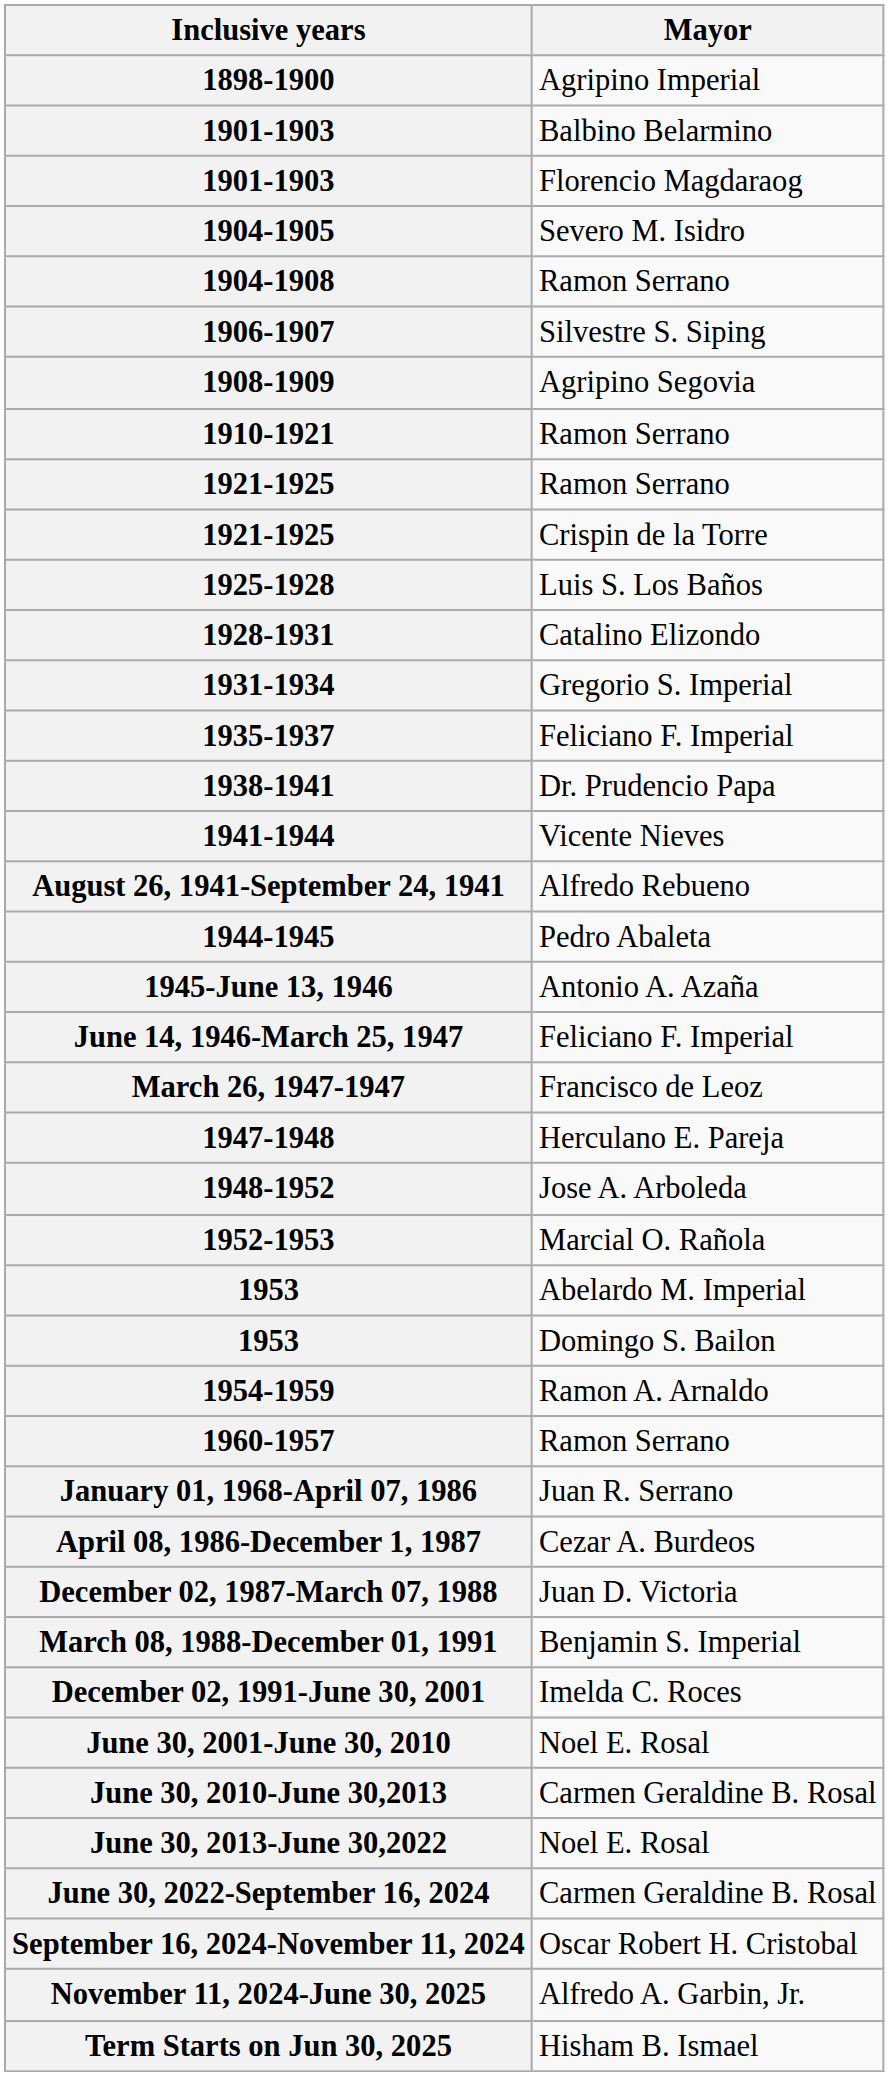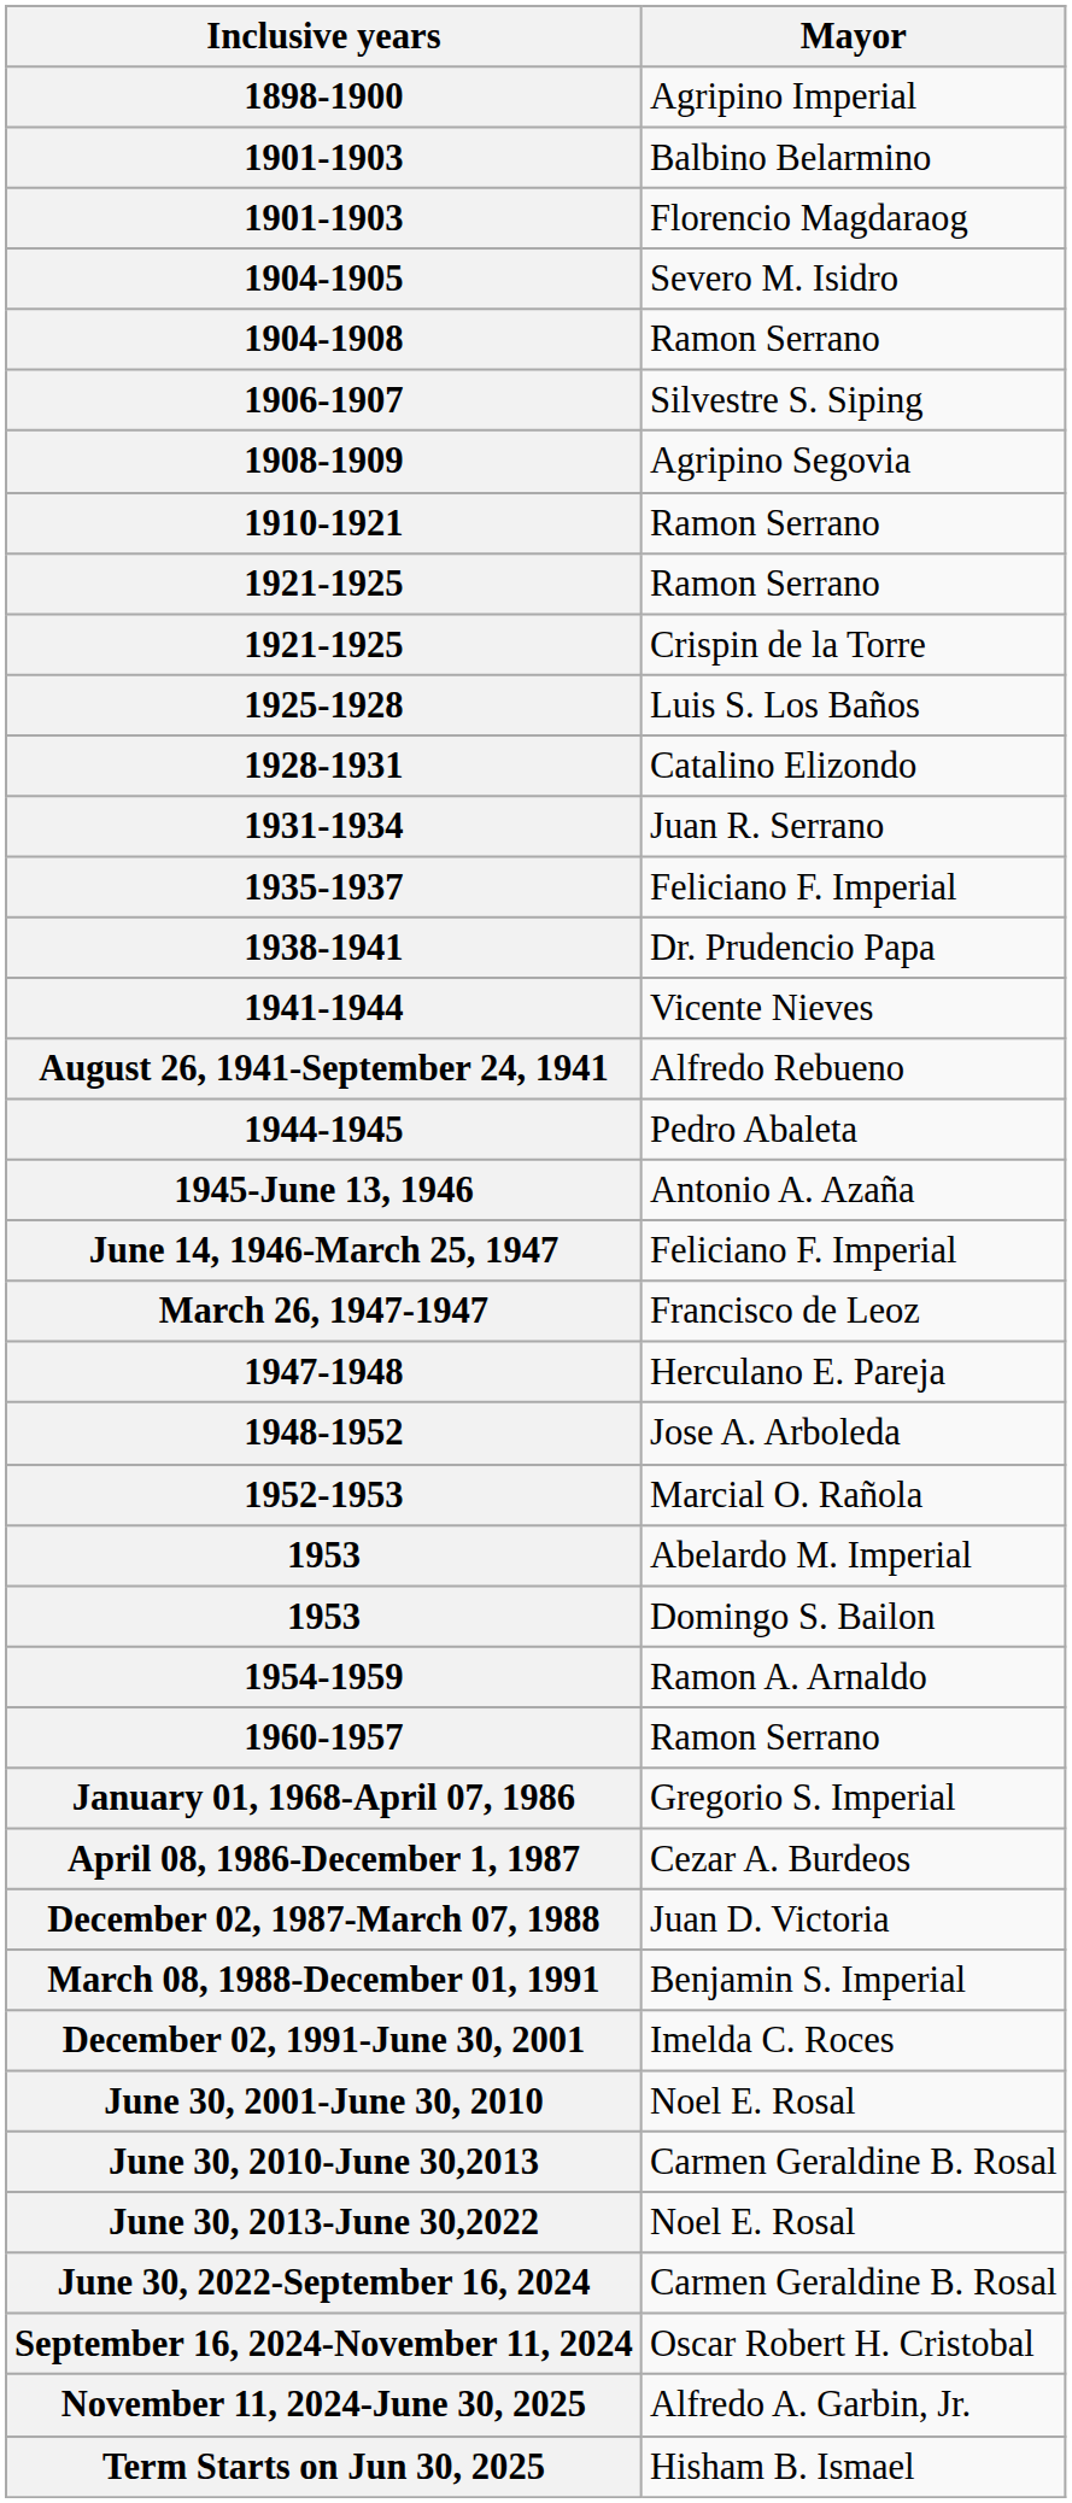 <table class="wikitable collapsible autocollapse" style="font-size:95%">
 <tr>
 <th scope="col">Inclusive years</th>
 <th scope="col">Mayor</th>
 </tr>
 <tr>
 <th scope="row">1898-1900</th>
 <td>Agripino Imperial </td>
 </tr>
 <tr>
 <th scope="row">1901-1903</th>
 <td>Balbino Belarmino </td>
 </tr>
 <tr>
 <th scope="row">1901-1903</th>
 <td>Florencio Magdaraog  </td>
 </tr>
 <tr>
 <th scope="row">1904-1905</th>
 <td>Severo M. Isidro </td>
 </tr>
 <tr>
 <th scope="row">1904-1908</th>
 <td>Ramon Serrano </td>
 </tr>
 <tr>
 <th scope="row">1906-1907</th>
 <td>Silvestre S. Siping </td>
 </tr>
 <tr>
 <th scope="row">1908-1909</th>
 <td>Agripino Segovia </td>
 </tr>
 <tr>
 <th scope="row">1910-1921</th>
 <td>Ramon Serrano </td>
 </tr>
 <tr>
 <th scope="row">1921-1925</th>
 <td>Ramon Serrano </td>
 </tr>
 <tr>
 <th scope="row">1921-1925</th>
 <td>Crispin de la Torre </td>
 </tr>
 <tr>
 <th scope="row">1925-1928</th>
 <td>Luis S. Los Baños</td>
 </tr>
 <tr>
 <th scope="row">1928-1931</th>
 <td>Catalino Elizondo </td>
 </tr>
 <tr>
 <th scope="row">1931-1934</th>
-<td>Gregorio S. Imperial</td>
+<td>Juan R. Serrano</td>
 </tr>
 <tr>
 <th scope="row">1935-1937</th>
 <td>Feliciano F. Imperial</td>
 </tr>
 <tr>
 <th scope="row">1938-1941</th>
 <td>Dr. Prudencio Papa</td>
 </tr>
 <tr>
 <th scope="row">1941-1944</th>
 <td>Vicente Nieves</td>
 </tr>
 <tr>
 <th scope="row">August 26, 1941-September 24, 1941</th>
 <td>Alfredo Rebueno</td>
 </tr>
 <tr>
 <th scope="row">1944-1945</th>
 <td>Pedro Abaleta </td>
 </tr>
 <tr>
 <th scope="row">1945-June 13, 1946</th>
 <td>Antonio A. Azaña</td>
 </tr>
 <tr>
 <th scope="row">June 14, 1946-March 25, 1947</th>
 <td>Feliciano F. Imperial</td>
 </tr>
 <tr>
 <th scope="row">March 26, 1947-1947</th>
 <td>Francisco de Leoz</td>
 </tr>
 <tr>
 <th scope="row">1947-1948</th>
 <td>Herculano E. Pareja</td>
 </tr>
 <tr>
 <th scope="row">1948-1952</th>
 <td>Jose A. Arboleda</td>
 </tr>
 <tr>
 <th scope="row">1952-1953</th>
 <td>Marcial O. Rañola</td>
 </tr>
 <tr>
 <th scope="row">1953</th>
 <td>Abelardo M. Imperial</td>
 </tr>
 <tr>
 <th scope="row">1953</th>
 <td>Domingo S. Bailon</td>
 </tr>
 <tr>
 <th scope="row">1954-1959</th>
 <td>Ramon A. Arnaldo</td>
 </tr>
 <tr>
 <th scope="row">1960-1957</th>
 <td>Ramon Serrano </td>
 </tr>
 <tr>
 <th scope="row">January 01, 1968-April 07, 1986</th>
-<td>Juan R. Serrano</td>
+<td>Gregorio S. Imperial</td>
 </tr>
 <tr>
 <th scope="row">April 08, 1986-December 1, 1987</th>
 <td>Cezar A. Burdeos</td>
 </tr>
 <tr>
 <th scope="row">December 02, 1987-March 07, 1988</th>
 <td>Juan D. Victoria</td>
 </tr>
 <tr>
 <th scope="row">March 08, 1988-December 01, 1991</th>
 <td>Benjamin S. Imperial</td>
 </tr>
 <tr>
 <th scope="row">December 02, 1991-June 30, 2001</th>
 <td>Imelda C. Roces</td>
 </tr>
 <tr>
 <th scope="row">June 30, 2001-June 30, 2010</th>
 <td>Noel E. Rosal</td>
 </tr>
 <tr>
 <th scope="row">June 30, 2010-June 30,2013</th>
 <td>Carmen Geraldine B. Rosal</td>
 </tr>
 <tr>
 <th scope="row">June 30, 2013-June 30,2022</th>
 <td>Noel E. Rosal</td>
 </tr>
 <tr>
 <th scope="row">June 30, 2022-September 16, 2024</th>
 <td>Carmen Geraldine B. Rosal</td>
 </tr>
 <tr>
 <th scope="row">September 16, 2024-November 11, 2024</th>
 <td>Oscar Robert H. Cristobal </td>
 </tr>
 <tr>
 <th scope="row">November 11, 2024-June 30, 2025</th>
 <td>Alfredo A. Garbin, Jr.</td>
 </tr>
 <tr>
 <th scope="row">Term Starts on Jun 30, 2025</th>
 <td>Hisham B. Ismael </td>
 </tr>
 </table>
